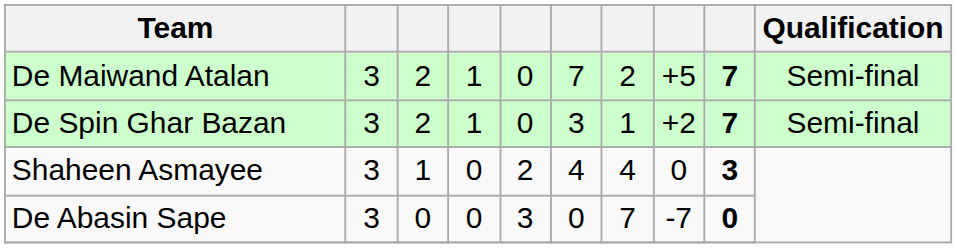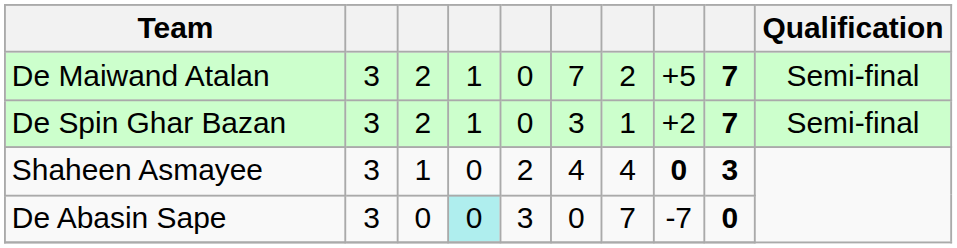 <table class="wikitable" style="text-align:center">
 <tr>
 <th width="175">Team</th>
 <th width="20"></th>
 <th width="20"></th>
 <th width="20"></th>
 <th width="20"></th>
 <th width="20"></th>
 <th width="20"></th>
 <th width="20"></th>
 <th width="20"></th>
 <th width="30">Qualification</th>
 </tr>
 <tr bgcolor="#ccffcc">
 <td align=left>De Maiwand Atalan</td>
 <td>3</td>
 <td>2</td>
 <td>1</td>
 <td>0</td>
 <td>7</td>
 <td>2</td>
 <td>+5</td>
 <td><strong>7</strong></td>
 <td>Semi-final</td>
 </tr>
 <tr bgcolor="#ccffcc">
 <td align=left>De Spin Ghar Bazan</td>
 <td>3</td>
 <td>2</td>
 <td>1</td>
 <td>0</td>
 <td>3</td>
 <td>1</td>
 <td>+2</td>
 <td><strong>7</strong></td>
 <td>Semi-final</td>
 </tr>
 <tr>
 <td align=left>Shaheen Asmayee</td>
 <td>3</td>
 <td>1</td>
 <td>0</td>
 <td>2</td>
 <td>4</td>
 <td>4</td>
-<td>0</td>
+<td><strong>0</strong></td>
 <td><strong>3</strong></td>
 </tr>
 <tr>
 <td align=left>De Abasin Sape</td>
 <td>3</td>
 <td>0</td>
-<td>0</td>
+<td style="background: paleturquoise;">0</td>
 <td>3</td>
 <td>0</td>
 <td>7</td>
 <td>-7</td>
 <td><strong>0</strong></td>
 </tr>
 <tr>
 </tr>
 </table>
